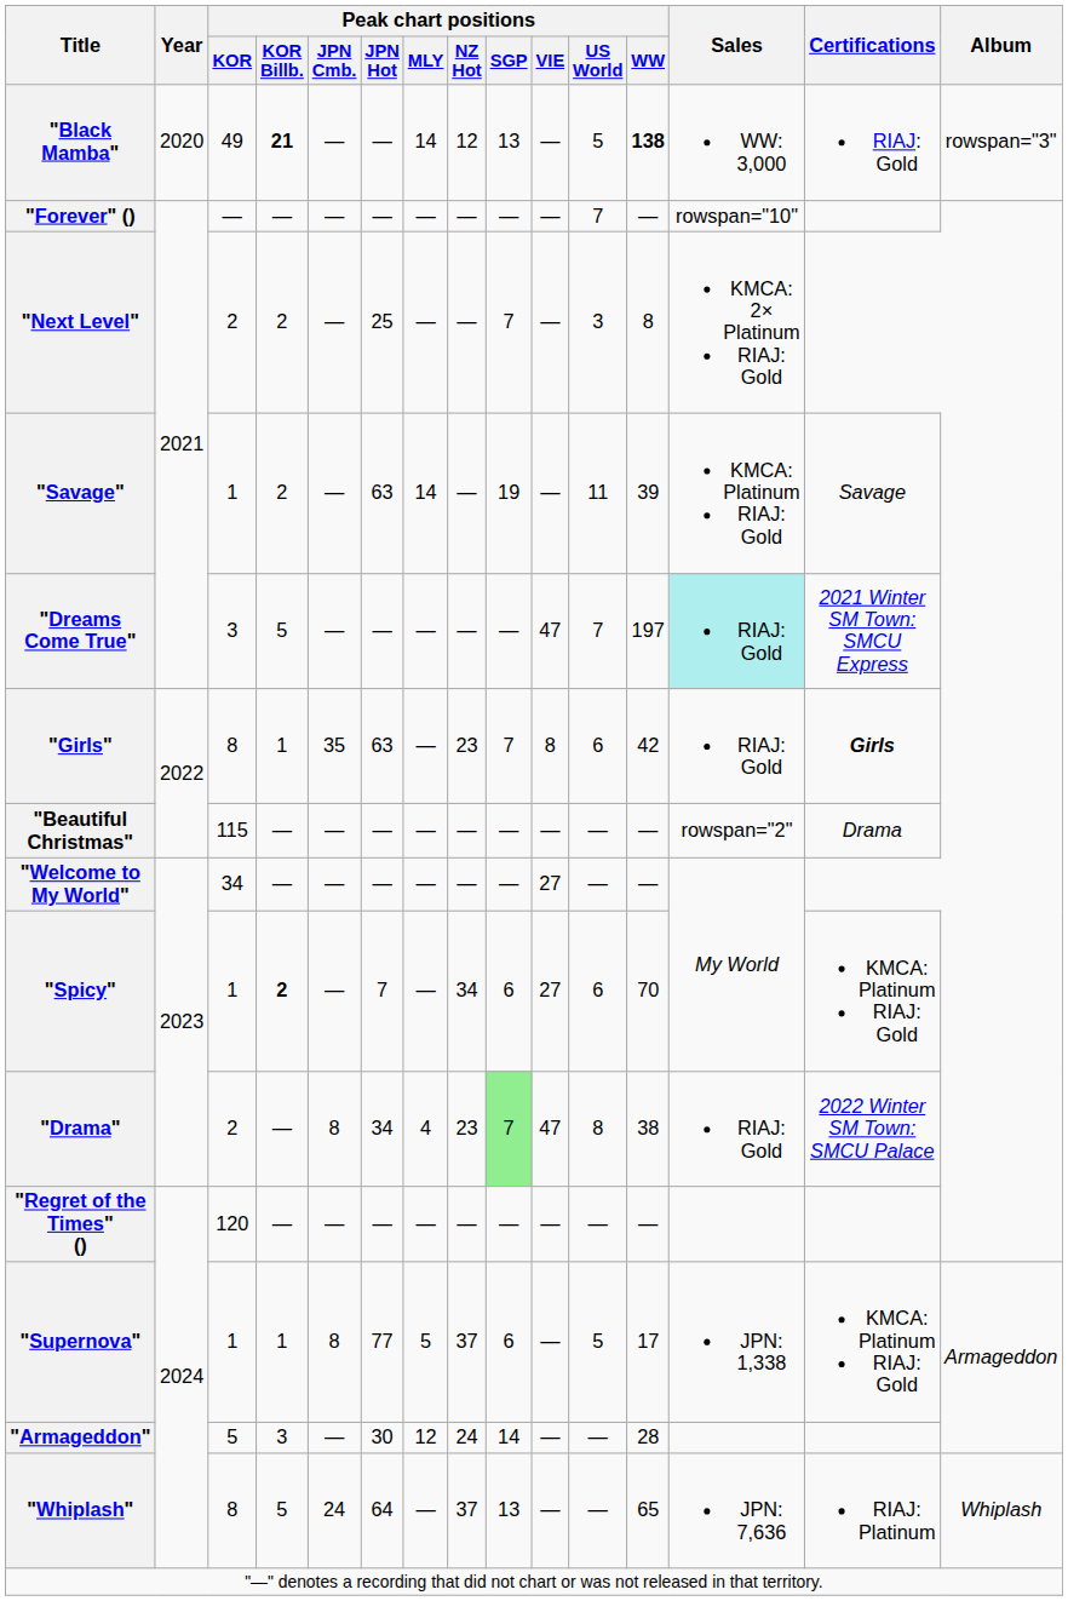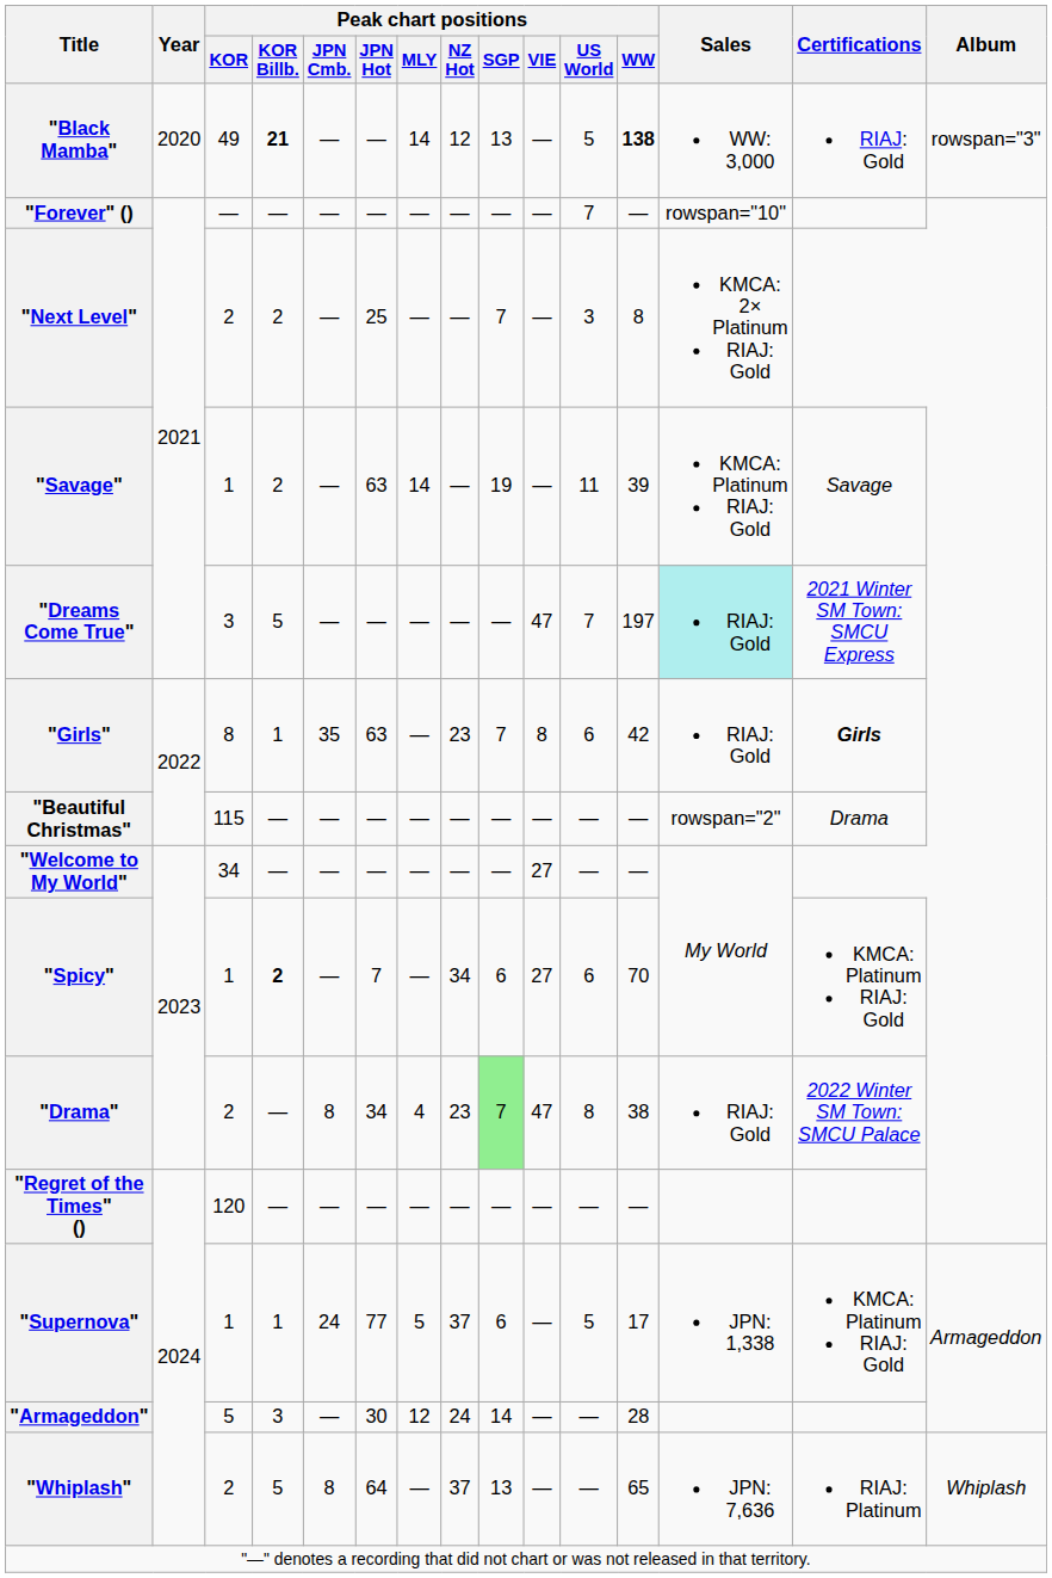 <table class="wikitable plainrowheaders" style="text-align:center">
 <tr>
 <th scope="col" rowspan="2" style="width:11em">Title</th>
 <th scope="col" rowspan="2">Year</th>
 <th scope="col" colspan="10">Peak chart positions</th>
 <th scope="col" rowspan="2">Sales</th>
 <th scope="col" rowspan="2"><a href='#'>Certifications</a></th>
 <th scope="col" rowspan="2" style="width:10em">Album</th>
 </tr>
 <tr>
 <th scope="col" style="font-size:90%; width:2.75em"><a href='#'>KOR</a><br></th>
 <th scope="col" style="font-size:90%; width:2.75em"><a href='#'>KOR<br>Billb.</a><br></th>
 <th scope="col" style="font-size:90%; width:2.75em"><a href='#'>JPN<br>Cmb.</a><br></th>
 <th scope="col" style="font-size:90%; width:2.75em"><a href='#'>JPN<br>Hot</a><br></th>
 <th scope="col" style="font-size:90%; width:2.5em"><a href='#'>MLY</a><br></th>
 <th scope="col" style="font-size:90%; width:2.75em"><a href='#'>NZ<br>Hot</a><br></th>
 <th scope="col" style="font-size:90%; width:2.75em"><a href='#'>SGP</a><br></th>
 <th scope="col" style="font-size:90%; width:2.5em"><a href='#'>VIE</a><br></th>
 <th scope="col" style="font-size:90%; width:2.75em"><a href='#'>US<br>World</a><br></th>
 <th scope="col" style="font-size:90%; width:2.75em"><a href='#'>WW</a><br></th>
 </tr>
 <tr>
 <th scope="row">"<a href='#'>Black Mamba</a>"</th>
 <td>2020</td>
 <td>49</td>
 <td><strong>21</strong></td>
 <td>—</td>
 <td>—</td>
 <td>14</td>
 <td>12</td>
 <td>13</td>
 <td>—</td>
 <td>5</td>
 <td><strong>138</strong></td>
 <td><br><ul><li>WW: 3,000</li></ul></td>
 <td><br><ul><li><a href='#'>RIAJ</a>: Gold </li></ul></td>
 <td>rowspan="3"  </td>
 </tr>
 <tr>
 <th scope="row">"<a href='#'>Forever</a>" ()</th>
 <td rowspan="4">2021</td>
 <td>—</td>
 <td>—</td>
 <td>—</td>
 <td>—</td>
 <td>—</td>
 <td>—</td>
 <td>—</td>
 <td>—</td>
 <td>7</td>
 <td>—</td>
 <td>rowspan="10" </td>
 <td></td>
 </tr>
 <tr>
 <th scope="row">"<a href='#'>Next Level</a>"</th>
 <td>2</td>
 <td>2</td>
 <td>—</td>
 <td>25</td>
 <td>—</td>
 <td>—</td>
 <td>7</td>
 <td>—</td>
 <td>3</td>
 <td>8</td>
 <td><br><ul><li>KMCA: 2× Platinum </li><li>RIAJ: Gold </li></ul></td>
 </tr>
 <tr>
 <th scope="row">"<a href='#'>Savage</a>"</th>
 <td>1</td>
 <td>2</td>
 <td>—</td>
 <td>63</td>
 <td>14</td>
 <td>—</td>
 <td>19</td>
 <td>—</td>
 <td>11</td>
 <td>39</td>
 <td><br><ul><li>KMCA: Platinum </li><li>RIAJ: Gold </li></ul></td>
 <td><em>Savage</em></td>
 </tr>
 <tr>
 <th scope="row">"<a href='#'>Dreams Come True</a>"</th>
 <td>3</td>
 <td>5</td>
 <td>—</td>
 <td>—</td>
 <td>—</td>
 <td>—</td>
 <td>—</td>
 <td>47</td>
 <td>7</td>
 <td>197</td>
 <td style="background: paleturquoise;"><br><ul><li>RIAJ: Gold </li></ul></td>
 <td><em><a href='#'>2021 Winter SM Town: SMCU Express</a></em></td>
 </tr>
 <tr>
 <th scope="row">"<a href='#'>Girls</a>"</th>
 <td rowspan="2">2022</td>
 <td>8</td>
 <td>1</td>
 <td>35</td>
 <td>63</td>
 <td>—</td>
 <td>23</td>
 <td>7</td>
 <td>8</td>
 <td>6</td>
 <td>42</td>
 <td><br><ul><li>RIAJ: Gold </li></ul></td>
 <td><strong><em>Girls</em></strong></td>
 </tr>
 <tr>
 <th scope="row">"Beautiful Christmas"<br></th>
 <td>115</td>
 <td>—</td>
 <td>—</td>
 <td>—</td>
 <td>—</td>
 <td>—</td>
 <td>—</td>
 <td>—</td>
 <td>—</td>
 <td>—</td>
 <td>rowspan="2" </td>
 <td><em>Drama</em></td>
 </tr>
 <tr>
 <th scope="row">"<a href='#'>Welcome to My World</a>"<br></th>
 <td rowspan="3">2023</td>
 <td>34</td>
 <td>—</td>
 <td>—</td>
 <td>—</td>
 <td>—</td>
 <td>—</td>
 <td>—</td>
 <td>27</td>
 <td>—</td>
 <td>—</td>
 <td rowspan="2"><em>My World</em></td>
 </tr>
 <tr>
 <th scope="row">"<a href='#'>Spicy</a>"</th>
 <td>1</td>
 <td><strong>2</strong></td>
 <td>—</td>
 <td>7</td>
 <td>—</td>
 <td>34</td>
 <td>6</td>
 <td>27</td>
 <td>6</td>
 <td>70</td>
 <td><br><ul><li>KMCA: Platinum </li><li>RIAJ: Gold </li></ul></td>
 </tr>
 <tr>
 <th scope="row">"<a href='#'>Drama</a>"</th>
 <td>2</td>
 <td>—</td>
 <td>8</td>
 <td>34</td>
 <td>4</td>
 <td>23</td>
 <td style="background: lightgreen;">7</td>
 <td>47</td>
 <td>8</td>
 <td>38</td>
 <td><br><ul><li>RIAJ: Gold </li></ul></td>
 <td><em><a href='#'>2022 Winter SM Town: SMCU Palace</a></em></td>
 </tr>
 <tr>
 <th scope="row">"<a href='#'>Regret of the Times</a>"<br>()</th>
 <td rowspan="4">2024</td>
 <td>120</td>
 <td>—</td>
 <td>—</td>
 <td>—</td>
 <td>—</td>
 <td>—</td>
 <td>—</td>
 <td>—</td>
 <td>—</td>
 <td>—</td>
 <td></td>
 <td></td>
 </tr>
 <tr>
 <th scope="row">"<a href='#'>Supernova</a>"</th>
 <td>1</td>
 <td>1</td>
-<td>8</td>
+<td>24</td>
 <td>77</td>
 <td>5</td>
 <td>37</td>
 <td>6</td>
 <td>—</td>
 <td>5</td>
 <td>17</td>
 <td><br><ul><li>JPN: 1,338 </li></ul></td>
 <td><br><ul><li>KMCA: Platinum </li><li>RIAJ: Gold </li></ul></td>
 <td rowspan="2"><em>Armageddon</em></td>
 </tr>
 <tr>
 <th scope="row">"<a href='#'>Armageddon</a>"</th>
 <td>5</td>
 <td>3</td>
 <td>—</td>
 <td>30</td>
 <td>12</td>
 <td>24</td>
 <td>14</td>
 <td>—</td>
 <td>—</td>
 <td>28</td>
 <td></td>
 <td></td>
 </tr>
 <tr>
 <th scope="row">"<a href='#'>Whiplash</a>"</th>
+<td>2</td>
+<td>5</td>
 <td>8</td>
-<td>5</td>
-<td>24</td>
 <td>64</td>
 <td>—</td>
 <td>37</td>
 <td>13</td>
 <td>—</td>
 <td>—</td>
 <td>65</td>
 <td><br><ul><li>JPN: 7,636 </li></ul></td>
 <td><br><ul><li>RIAJ: Platinum </li></ul></td>
 <td><em>Whiplash</em></td>
 </tr>
 <tr>
 <td colspan="15" style="font-size:85%">"—" denotes a recording that did not chart or was not released in that territory.</td>
 </tr>
 </table>
